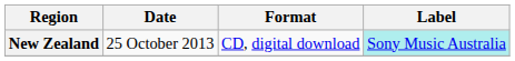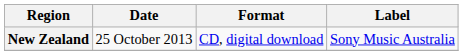 <table class="wikitable plainrowheaders">
 <tr>
 <th scope="col">Region</th>
 <th scope="col">Date</th>
 <th scope="col">Format</th>
 <th scope="col">Label</th>
 </tr>
 <tr>
 <th scope="row">New Zealand</th>
 <td>25 October 2013</td>
 <td><a href='#'>CD</a>, <a href='#'>digital download</a></td>
-<td style="background: paleturquoise;"><a href='#'>Sony Music Australia</a></td>
+<td><a href='#'>Sony Music Australia</a></td>
 </tr>
 <tr>
 </tr>
 </table>
